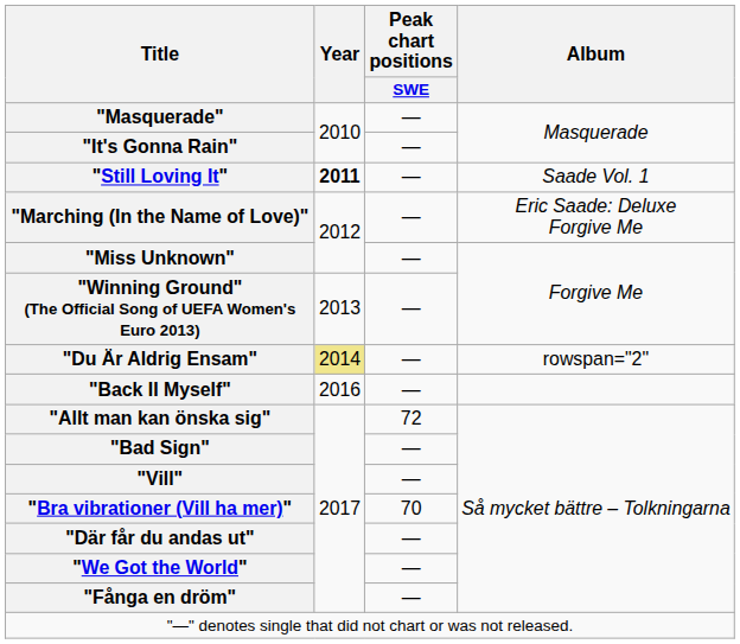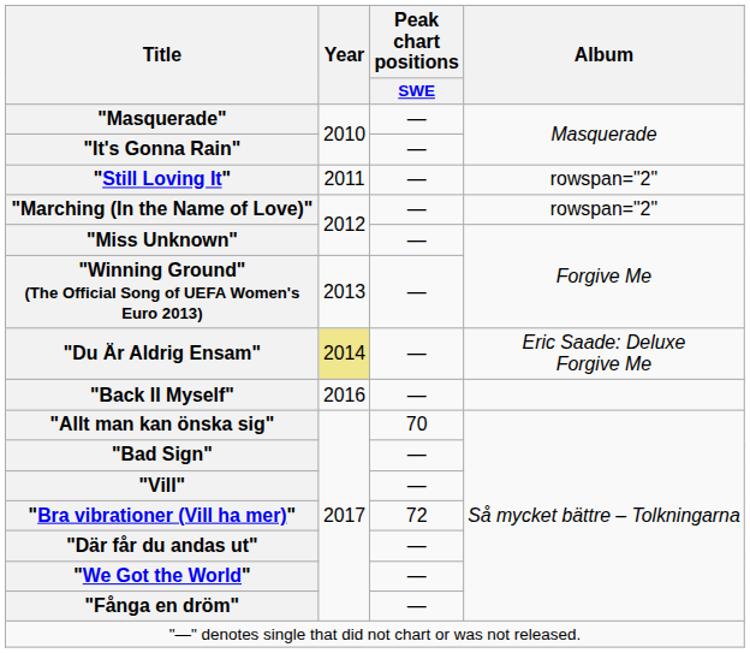 <table class="wikitable plainrowheaders" style="text-align:center;">
 <tr>
 <th scope="col" rowspan="2" style="width:16em;">Title</th>
 <th scope="col" rowspan="2" style="width:1em;">Year</th>
 <th scope="col" colspan="1">Peak chart positions</th>
 <th scope="col" rowspan="2">Album</th>
 </tr>
 <tr>
 <th scope="col" style="width:3em;font-size:85%;"><a href='#'>SWE</a><br></th>
 </tr>
 <tr>
 <th scope="row">"Masquerade"</th>
 <td rowspan="2">2010</td>
 <td>—</td>
 <td rowspan="2"><em>Masquerade</em></td>
 </tr>
 <tr>
 <th scope="row">"It's Gonna Rain"</th>
 <td>—</td>
 </tr>
 <tr>
 <th scope="row">"<a href='#'>Still Loving It</a>"</th>
-<td><strong>2011</strong></td>
+<td>2011</td>
 <td>—</td>
-<td><em>Saade Vol. 1</em></td>
+<td>rowspan="2" </td>
 </tr>
 <tr>
 <th scope="row">"Marching (In the Name of Love)"</th>
 <td rowspan="2">2012</td>
 <td>—</td>
-<td><em>Eric Saade: Deluxe</em><br><em>Forgive Me</em></td>
+<td>rowspan="2" </td>
 </tr>
 <tr>
 <th scope="row">"Miss Unknown"</th>
 <td>—</td>
 <td rowspan="2"><em>Forgive Me</em></td>
 </tr>
 <tr>
 <th scope="row">"Winning Ground"<br><small>(The Official Song of UEFA Women's Euro 2013)</small></th>
 <td>2013</td>
 <td>—</td>
 </tr>
 <tr>
 <th scope="row">"Du Är Aldrig Ensam"</th>
 <td style="background: khaki;">2014</td>
 <td>—</td>
-<td>rowspan="2" </td>
+<td><em>Eric Saade: Deluxe</em><br><em>Forgive Me</em></td>
 </tr>
 <tr>
 <th scope="row">"Back II Myself"</th>
 <td>2016</td>
 <td>—</td>
 </tr>
 <tr>
 <th scope="row">"Allt man kan önska sig"</th>
 <td rowspan="7">2017</td>
-<td>72</td>
+<td>70</td>
 <td rowspan="7"><em>Så mycket bättre – Tolkningarna</em></td>
 </tr>
 <tr>
 <th scope="row">"Bad Sign"</th>
 <td>—</td>
 </tr>
 <tr>
 <th scope="row">"Vill"</th>
 <td>—</td>
 </tr>
 <tr>
 <th scope="row">"<a href='#'>Bra vibrationer (Vill ha mer)</a>"</th>
-<td>70</td>
+<td>72</td>
 </tr>
 <tr>
 <th scope="row">"Där får du andas ut"</th>
 <td>—</td>
 </tr>
 <tr>
 <th scope="row">"<a href='#'>We Got the World</a>"</th>
 <td>—</td>
 </tr>
 <tr>
 <th scope="row">"Fånga en dröm"</th>
 <td>—</td>
 </tr>
 <tr>
 <td colspan="17" style="text-align:center; font-size:85%;">"—" denotes single that did not chart or was not released.</td>
 </tr>
 </table>
